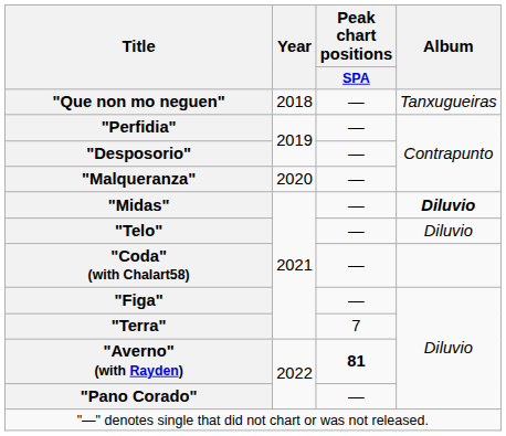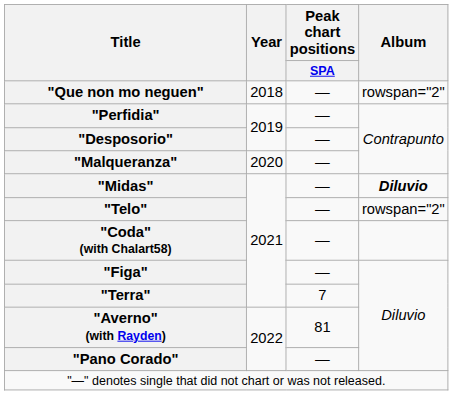 <table class="wikitable plainrowheaders" style="text-align:center;">
 <tr>
 <th scope="col" rowspan="2" style="width:16em;">Title</th>
 <th scope="col" rowspan="2" style="width:1em;">Year</th>
 <th scope="col" colspan="1">Peak chart positions</th>
 <th scope="col" rowspan="2">Album</th>
 </tr>
 <tr>
 <th scope="col" style="width:3em;font-size:85%;"><a href='#'>SPA</a><br></th>
 </tr>
 <tr>
 <th scope="row">"Que non mo neguen"</th>
 <td>2018</td>
 <td>—</td>
-<td><em>Tanxugueiras</em></td>
+<td>rowspan="2" </td>
 </tr>
 <tr>
 <th scope="row">"Perfidia"</th>
 <td rowspan="2">2019</td>
 <td>—</td>
 <td rowspan="3"><em>Contrapunto</em></td>
 </tr>
 <tr>
 <th scope="row">"Desposorio"</th>
 <td>—</td>
 </tr>
 <tr>
 <th scope="row">"Malqueranza"</th>
 <td>2020</td>
 <td>—</td>
 </tr>
 <tr>
 <th scope="row">"Midas"</th>
 <td rowspan="5">2021</td>
 <td>—</td>
 <td><strong><em>Diluvio</em></strong></td>
 </tr>
 <tr>
 <th scope="row">"Telo"</th>
 <td>—</td>
-<td><em>Diluvio</em></td>
+<td>rowspan="2" </td>
 </tr>
 <tr>
 <th scope="row">"Coda"<br><small>(with Chalart58)</small></th>
 <td>—</td>
 </tr>
 <tr>
 <th scope="row">"Figa"</th>
 <td>—</td>
 <td rowspan="4"><em>Diluvio</em></td>
 </tr>
 <tr>
 <th scope="row">"Terra"</th>
 <td>7</td>
 </tr>
 <tr>
 <th scope="row">"Averno"<br><small>(with <a href='#'>Rayden</a>)</small></th>
 <td rowspan="2">2022</td>
-<td><strong>81</strong></td>
+<td>81</td>
 </tr>
 <tr>
 <th scope="row">"Pano Corado"</th>
 <td>—</td>
 </tr>
 <tr>
 <td colspan="5" style="text-align:center; font-size:85%;">"—" denotes single that did not chart or was not released.</td>
 </tr>
 </table>
